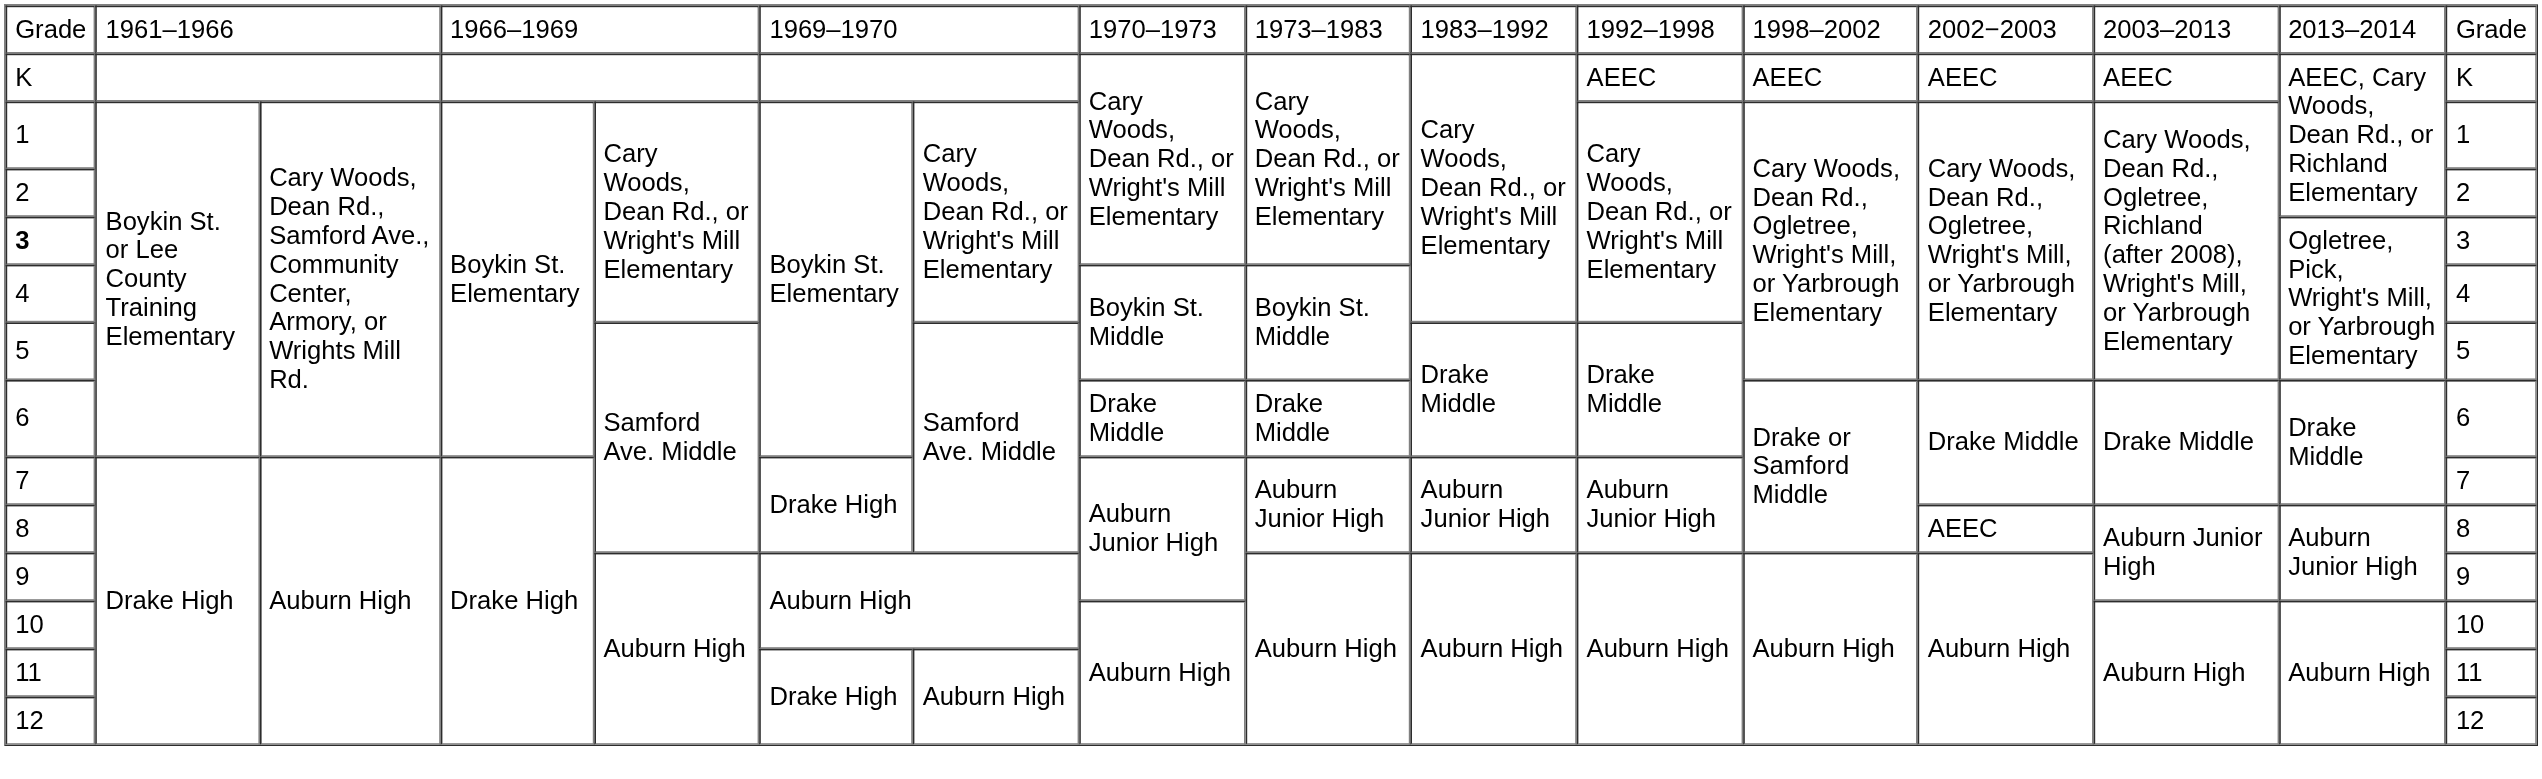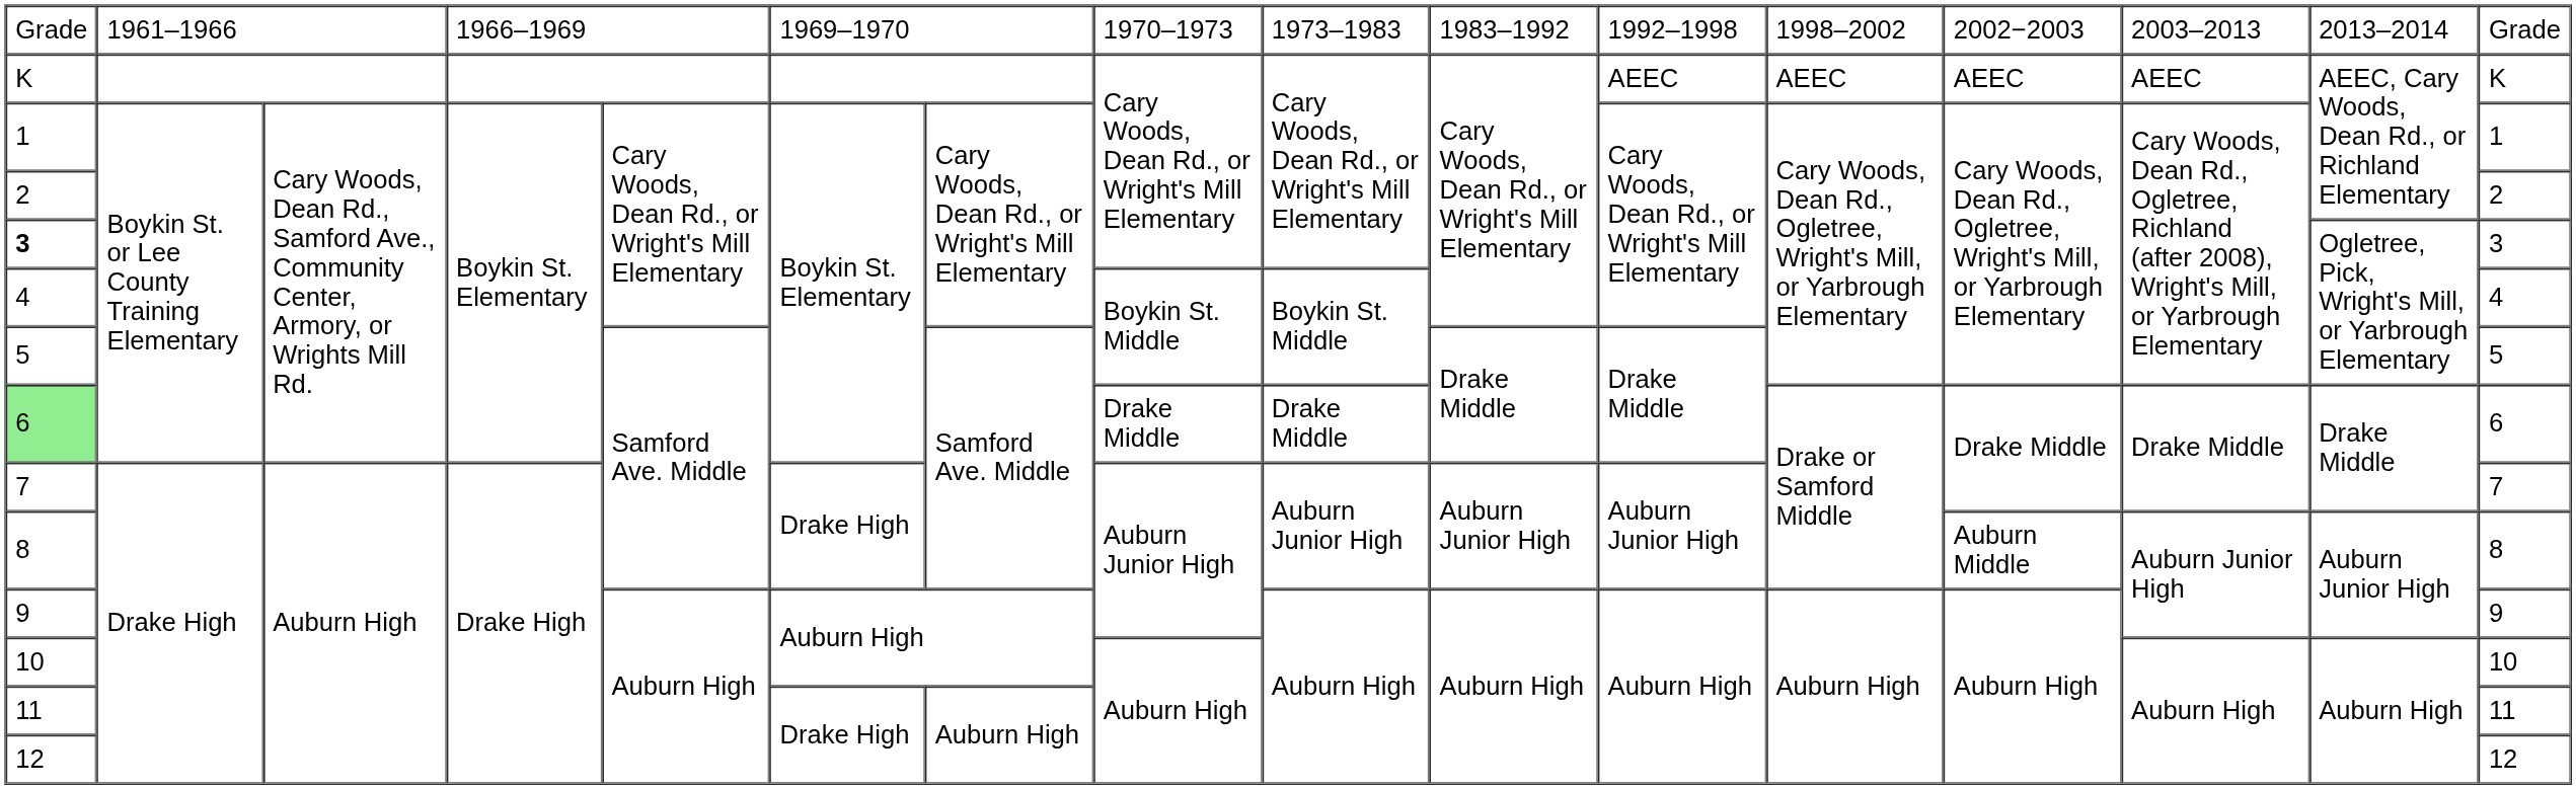 <table border="1" cellpadding="5" cellspacing="0">
 <tr>
 <td>Grade</td>
 <td ! colspan="2">1961–1966</td>
 <td ! colspan="2">1966–1969</td>
 <td ! colspan="2">1969–1970</td>
 <td>1970–1973</td>
 <td>1973–1983</td>
 <td>1983–1992</td>
 <td>1992–1998</td>
 <td>1998–2002</td>
 <td>2002−2003</td>
 <td>2003–2013</td>
 <td>2013–2014</td>
 <td>Grade</td>
 </tr>
 <tr>
 <td>K</td>
 <td colspan="2"></td>
 <td colspan="2"></td>
 <td colspan="2"></td>
 <td rowspan="4">Cary Woods, Dean Rd., or Wright's Mill Elementary</td>
 <td rowspan="4">Cary Woods, Dean Rd., or Wright's Mill Elementary</td>
 <td rowspan="5">Cary Woods, Dean Rd., or Wright's Mill Elementary</td>
 <td>AEEC</td>
 <td>AEEC</td>
 <td>AEEC</td>
 <td>AEEC</td>
 <td rowspan="3">AEEC, Cary Woods, Dean Rd., or Richland Elementary</td>
 <td>K</td>
 </tr>
 <tr>
 <td>1</td>
 <td rowspan="6">Boykin St. or Lee County Training Elementary</td>
 <td rowspan="6">Cary Woods, Dean Rd., Samford Ave., Community Center, Armory, or Wrights Mill Rd.</td>
 <td rowspan="6">Boykin St. Elementary</td>
 <td rowspan="4">Cary Woods, Dean Rd., or Wright's Mill Elementary</td>
 <td rowspan="6">Boykin St. Elementary</td>
 <td rowspan="4">Cary Woods, Dean Rd., or Wright's Mill Elementary</td>
 <td rowspan="4">Cary Woods, Dean Rd., or Wright's Mill Elementary</td>
 <td rowspan="5">Cary Woods, Dean Rd., Ogletree, Wright's Mill, or Yarbrough Elementary</td>
 <td rowspan="5">Cary Woods, Dean Rd., Ogletree, Wright's Mill, or Yarbrough Elementary</td>
 <td rowspan="5">Cary Woods, Dean Rd., Ogletree, Richland (after 2008), Wright's Mill, or Yarbrough Elementary</td>
 <td>1</td>
 </tr>
 <tr>
 <td>2</td>
 <td>2</td>
 </tr>
 <tr>
 <td><strong>3</strong></td>
 <td rowspan="3">Ogletree, Pick, Wright's Mill, or Yarbrough Elementary</td>
 <td>3</td>
 </tr>
 <tr>
 <td>4</td>
 <td rowspan="2">Boykin St. Middle</td>
 <td rowspan="2">Boykin St. Middle</td>
 <td>4</td>
 </tr>
 <tr>
 <td>5</td>
 <td rowspan="4">Samford Ave. Middle</td>
 <td rowspan="4">Samford Ave. Middle</td>
 <td rowspan="2">Drake Middle</td>
 <td rowspan="2">Drake Middle</td>
 <td>5</td>
 </tr>
 <tr>
-<td>6</td>
+<td style="background: lightgreen;">6</td>
 <td>Drake Middle</td>
 <td>Drake Middle</td>
 <td rowspan="3">Drake or Samford Middle</td>
 <td rowspan="2">Drake Middle</td>
 <td rowspan="2">Drake Middle</td>
 <td rowspan="2">Drake Middle</td>
 <td>6</td>
 </tr>
 <tr>
 <td>7</td>
 <td rowspan="6">Drake High</td>
 <td rowspan="6">Auburn High</td>
 <td rowspan="6">Drake High</td>
 <td rowspan="2">Drake High</td>
 <td rowspan="3">Auburn Junior High</td>
 <td rowspan="2">Auburn Junior High</td>
 <td rowspan="2">Auburn Junior High</td>
 <td rowspan="2">Auburn Junior High</td>
 <td>7</td>
 </tr>
 <tr>
 <td>8</td>
-<td>AEEC</td>
+<td>Auburn Middle</td>
 <td rowspan="2">Auburn Junior High</td>
 <td rowspan="2">Auburn Junior High</td>
 <td>8</td>
 </tr>
 <tr>
 <td>9</td>
 <td rowspan="4">Auburn High</td>
 <td rowspan="2" colspan="2">Auburn High</td>
 <td rowspan="4">Auburn High</td>
 <td rowspan="4">Auburn High</td>
 <td rowspan="4">Auburn High</td>
 <td rowspan="4">Auburn High</td>
 <td rowspan="4">Auburn High</td>
 <td>9</td>
 </tr>
 <tr>
 <td>10</td>
 <td rowspan="3">Auburn High</td>
 <td rowspan="3">Auburn High</td>
 <td rowspan="3">Auburn High</td>
 <td>10</td>
 </tr>
 <tr>
 <td>11</td>
 <td rowspan="2">Drake High</td>
 <td rowspan="2">Auburn High</td>
 <td>11</td>
 </tr>
 <tr>
 <td>12</td>
 <td>12</td>
 </tr>
 </table>
